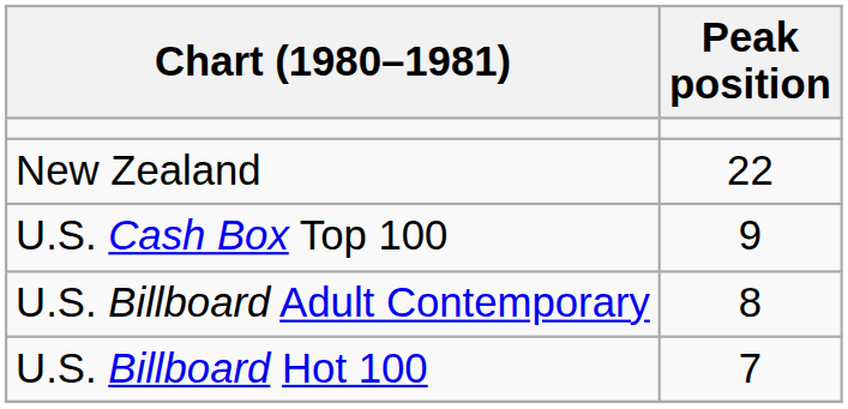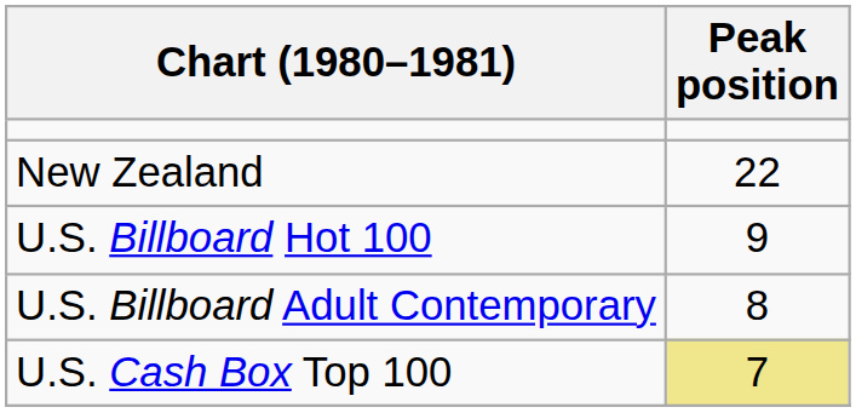 <table class="wikitable sortable">
 <tr>
 <th align="left">Chart (1980–1981)</th>
 <th align="left">Peak<br>position</th>
 </tr>
 <tr>
 <td></td>
 </tr>
 <tr>
 <td align="left">New Zealand </td>
 <td style="text-align:center;">22</td>
 </tr>
 <tr>
-<td align="left">U.S. <em><a href='#'>Cash Box</a></em> Top 100</td>
+<td align="left">U.S. <em><a href='#'>Billboard</a></em> <a href='#'>Hot 100</a></td>
 <td style="text-align:center;">9</td>
 </tr>
 <tr>
 <td align="left">U.S. <em>Billboard</em> <a href='#'>Adult Contemporary</a></td>
 <td style="text-align:center;">8</td>
 </tr>
 <tr>
-<td align="left">U.S. <em><a href='#'>Billboard</a></em> <a href='#'>Hot 100</a></td>
-<td style="text-align:center;">7</td>
+<td align="left">U.S. <em><a href='#'>Cash Box</a></em> Top 100</td>
+<td style="background: khaki; text-align:center;">7</td>
 </tr>
 <tr>
 </tr>
 </table>
